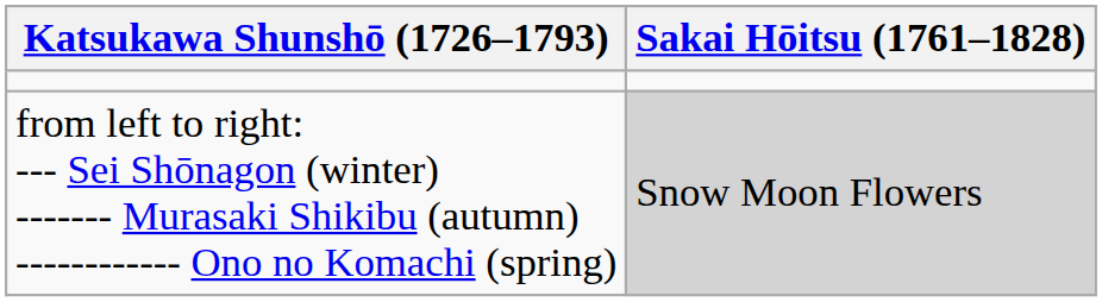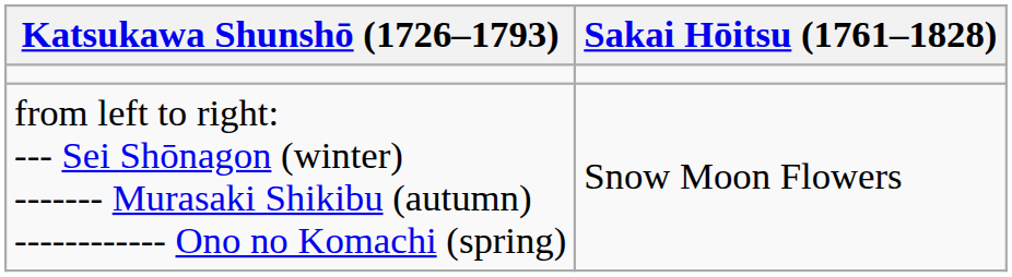 <table class ="wikitable">
 <tr>
 <th><a href='#'>Katsukawa Shunshō</a> (1726–1793)</th>
 <th><a href='#'>Sakai Hōitsu</a> (1761–1828)</th>
 </tr>
 <tr>
 <td></td>
 <td></td>
 </tr>
 <tr>
 <td>from left to right:<br>--- <a href='#'>Sei Shōnagon</a> (winter)<br>------- <a href='#'>Murasaki Shikibu</a> (autumn)<br>------------ <a href='#'>Ono no Komachi</a> (spring)</td>
-<td style="background: lightgrey;">Snow Moon Flowers</td>
+<td>Snow Moon Flowers</td>
 </tr>
 </table>
